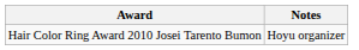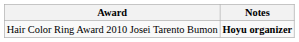 <table class="wikitable">
 <tr>
 <th>Award</th>
 <th>Notes</th>
 </tr>
 <tr>
 <td>Hair Color Ring Award 2010 Josei Tarento Bumon</td>
-<td>Hoyu organizer</td>
+<td><strong>Hoyu organizer</strong></td>
 </tr>
 </table>
